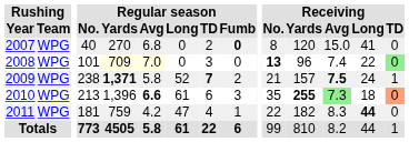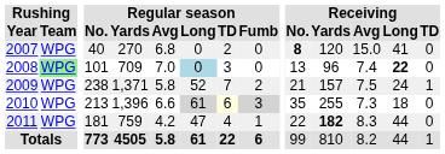 <table BORDER="0" CELLPADDING="1" CELLSPACING="0" width="65%" style="text-align:center">
 <tr bgcolor="#e0e0e0">
 <th colspan="2">Rushing</th>
 <th rowspan="99" bgcolor="#ffffff"> </th>
 <th colspan="6">Regular season</th>
 <th rowspan="99" bgcolor="#ffffff"> </th>
 <th colspan="6">Receiving</th>
 </tr>
 <tr bgcolor="#e0e0e0">
 <th>Year</th>
 <th>Team</th>
 <th>No.</th>
 <th>Yards</th>
 <th>Avg</th>
 <th>Long</th>
 <th>TD</th>
 <th>Fumb</th>
 <th>No.</th>
 <th>Yards</th>
 <th>Avg</th>
 <th>Long</th>
 <th>TD</th>
 </tr>
 <tr ALIGN="center" bgcolor="#f0f0f0">
 <td><a href='#'>2007</a></td>
 <td><a href='#'>WPG</a></td>
 <td>40</td>
 <td>270</td>
 <td>6.8</td>
 <td>0</td>
 <td>2</td>
-<td><strong>0</strong></td>
-<td>8</td>
+<td>0</td>
+<td><strong>8</strong></td>
 <td>120</td>
 <td>15.0</td>
 <td>41</td>
 <td>0</td>
 </tr>
 <tr>
 <td><a href='#'>2008</a></td>
-<td><a href='#'>WPG</a></td>
+<td style="background: lightgreen;"><a href='#'>WPG</a></td>
 <td>101</td>
-<td style="background: lightyellow;">709</td>
-<td style="background: lightyellow;">7.0</td>
-<td>0</td>
+<td>709</td>
+<td>7.0</td>
+<td style="background: lightblue;">0</td>
 <td>3</td>
 <td>0</td>
-<td><strong>13</strong></td>
+<td>13</td>
 <td>96</td>
 <td>7.4</td>
-<td>22</td>
-<td style="background: lightgreen;">0</td>
+<td><strong>22</strong></td>
+<td>0</td>
 </tr>
 <tr ALIGN="center" bgcolor="#f0f0f0">
 <td><a href='#'>2009</a></td>
 <td><a href='#'>WPG</a></td>
 <td>238</td>
-<td><strong>1,371</strong></td>
+<td>1,371</td>
 <td>5.8</td>
 <td>52</td>
-<td><strong>7</strong></td>
+<td>7</td>
 <td>2</td>
 <td>21</td>
 <td>157</td>
-<td><strong>7.5</strong></td>
+<td>7.5</td>
 <td>24</td>
 <td>1</td>
 </tr>
 <tr>
 <td><a href='#'>2010</a></td>
-<td style="background: lightyellow;"><a href='#'>WPG</a></td>
+<td><a href='#'>WPG</a></td>
 <td>213</td>
 <td>1,396</td>
-<td><strong>6.6</strong></td>
-<td>61</td>
-<td>6</td>
-<td>3</td>
+<td>6.6</td>
+<td style="background: lightgrey;">61</td>
+<td style="background: lightyellow;">6</td>
+<td style="background: lightgrey;">3</td>
 <td>35</td>
-<td><strong>255</strong></td>
-<td style="background: lightgreen;">7.3</td>
+<td>255</td>
+<td>7.3</td>
 <td>18</td>
-<td style="background: lightsalmon;">0</td>
+<td>0</td>
 </tr>
 <tr ALIGN="center" bgcolor="#f0f0f0">
 <td><a href='#'>2011</a></td>
 <td><a href='#'>WPG</a></td>
 <td>181</td>
 <td>759</td>
 <td>4.2</td>
 <td>47</td>
 <td>4</td>
 <td>1</td>
 <td>22</td>
-<td>182</td>
+<td><strong>182</strong></td>
 <td>8.3</td>
-<td><strong>44</strong></td>
+<td>44</td>
 <td>0</td>
 </tr>
 <tr>
 </tr>
 <tr bgcolor="#e0e0e0">
 <th colspan="2">Totals</th>
 <td><strong>773</strong></td>
 <td><strong>4505</strong></td>
 <td><strong>5.8</strong></td>
 <td><strong>61</strong></td>
 <td><strong>22</strong></td>
 <td><strong>6</strong></td>
 <td>99</td>
 <td>810</td>
 <td>8.2</td>
 <td>44</td>
 <td>1</td>
 </tr>
 </table>
